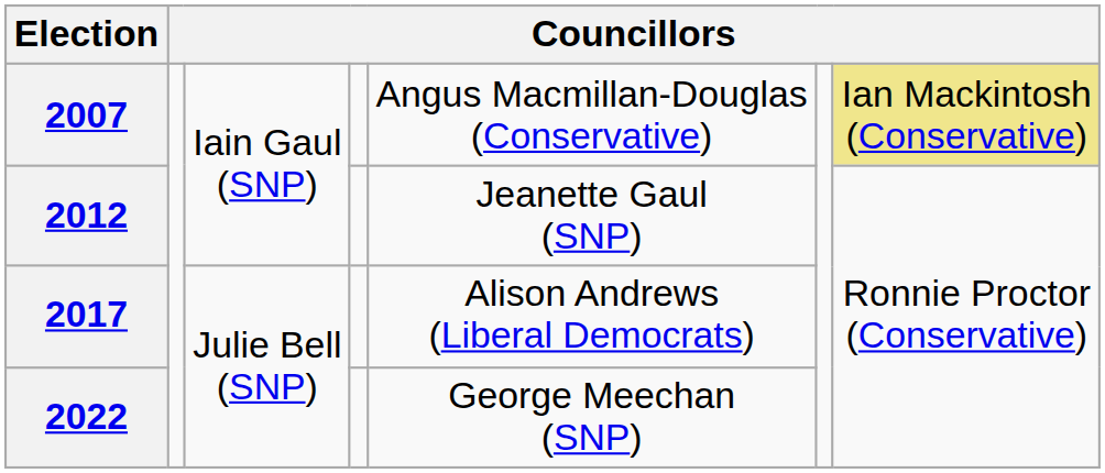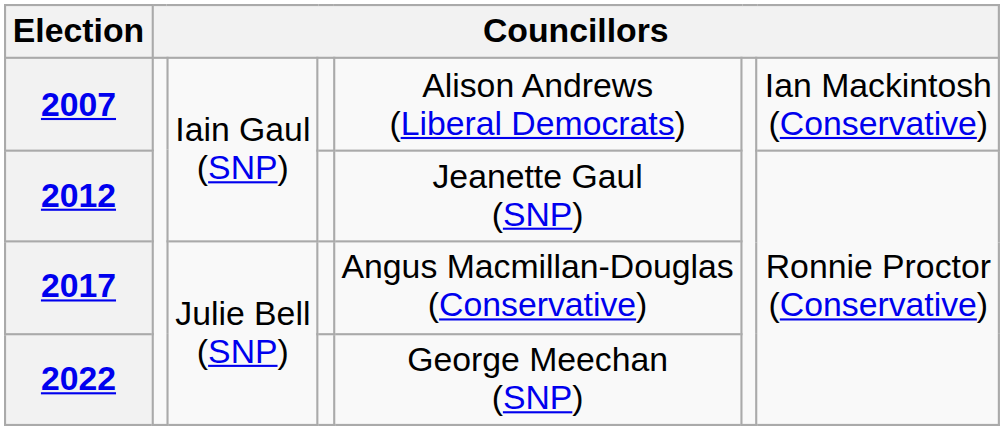 <table class="wikitable" style="text-align:center">
 <tr>
 <th>Election</th>
 <th colspan=8>Councillors</th>
 </tr>
 <tr>
 <th><a href='#'>2007</a></th>
 <td rowspan=4; style="background-color: "></td>
 <td rowspan=2>Iain Gaul<br>(<a href='#'>SNP</a>)</td>
 <td rowspan=1; style="background-color: "></td>
-<td rowspan=1>Angus Macmillan-Douglas<br>(<a href='#'>Conservative</a>)</td>
+<td rowspan=1>Alison Andrews<br>(<a href='#'>Liberal Democrats</a>)</td>
 <td rowspan=4; style="background-color: "></td>
-<td rowspan=1 style="background: khaki;">Ian Mackintosh<br>(<a href='#'>Conservative</a>)</td>
+<td rowspan=1>Ian Mackintosh<br>(<a href='#'>Conservative</a>)</td>
 </tr>
 <tr>
 <th><a href='#'>2012</a></th>
 <td rowspan=1; style="background-color: "></td>
 <td rowspan=1>Jeanette Gaul<br>(<a href='#'>SNP</a>)</td>
 <td rowspan=3>Ronnie Proctor<br>(<a href='#'>Conservative</a>)</td>
 </tr>
 <tr>
 <th><a href='#'>2017</a></th>
 <td rowspan=2>Julie Bell<br>(<a href='#'>SNP</a>)</td>
 <td rowspan=1; style="background-color: "></td>
-<td rowspan=1>Alison Andrews<br>(<a href='#'>Liberal Democrats</a>)</td>
+<td rowspan=1>Angus Macmillan-Douglas<br>(<a href='#'>Conservative</a>)</td>
 </tr>
 <tr>
 <th><a href='#'>2022</a></th>
 <td rowspan=1; style="background-color: "></td>
 <td rowspan=1>George Meechan<br>(<a href='#'>SNP</a>)</td>
 </tr>
 </table>
